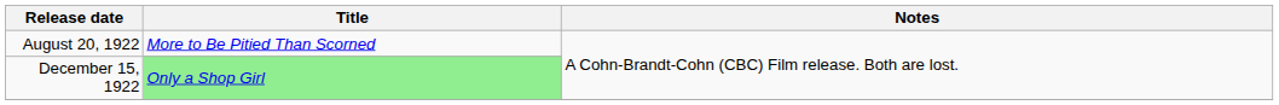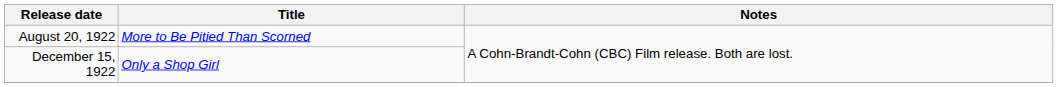 <table class="wikitable sortable" style="width:100%;">
 <tr>
 <th scope="col" style="width:130px;">Release date</th>
 <th>Title</th>
 <th>Notes</th>
 </tr>
 <tr>
 <td style="text-align:right;">August 20, 1922</td>
 <td><em><a href='#'>More to Be Pitied Than Scorned</a></em></td>
 <td rowspan="2">A Cohn-Brandt-Cohn (CBC) Film release. Both are lost.</td>
 </tr>
 <tr>
 <td style="text-align:right;">December 15, 1922</td>
-<td style="background: lightgreen;"><em><a href='#'>Only a Shop Girl</a></em></td>
+<td><em><a href='#'>Only a Shop Girl</a></em></td>
 </tr>
 <tr>
 </tr>
 </table>
